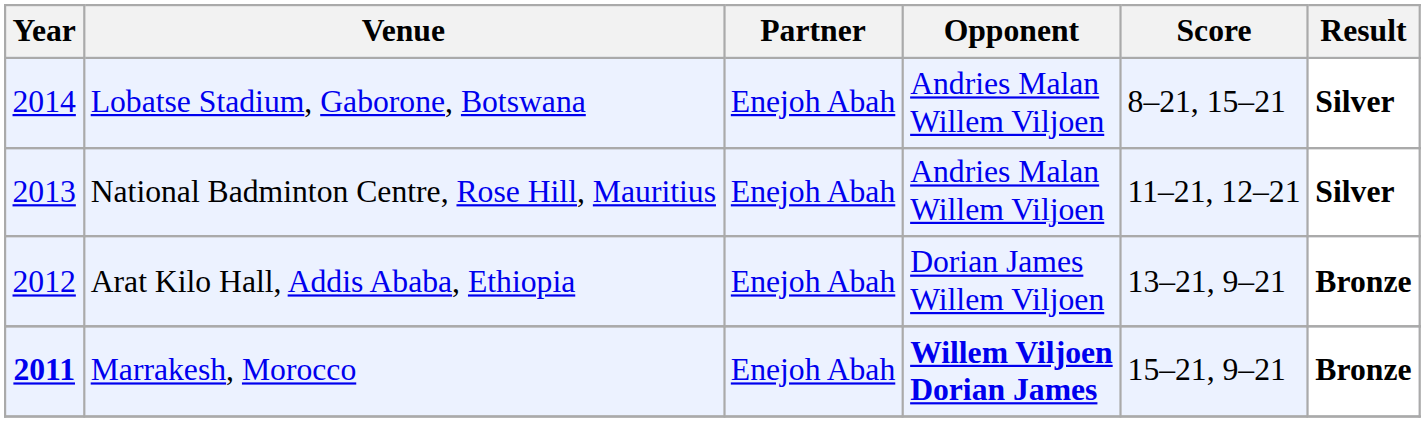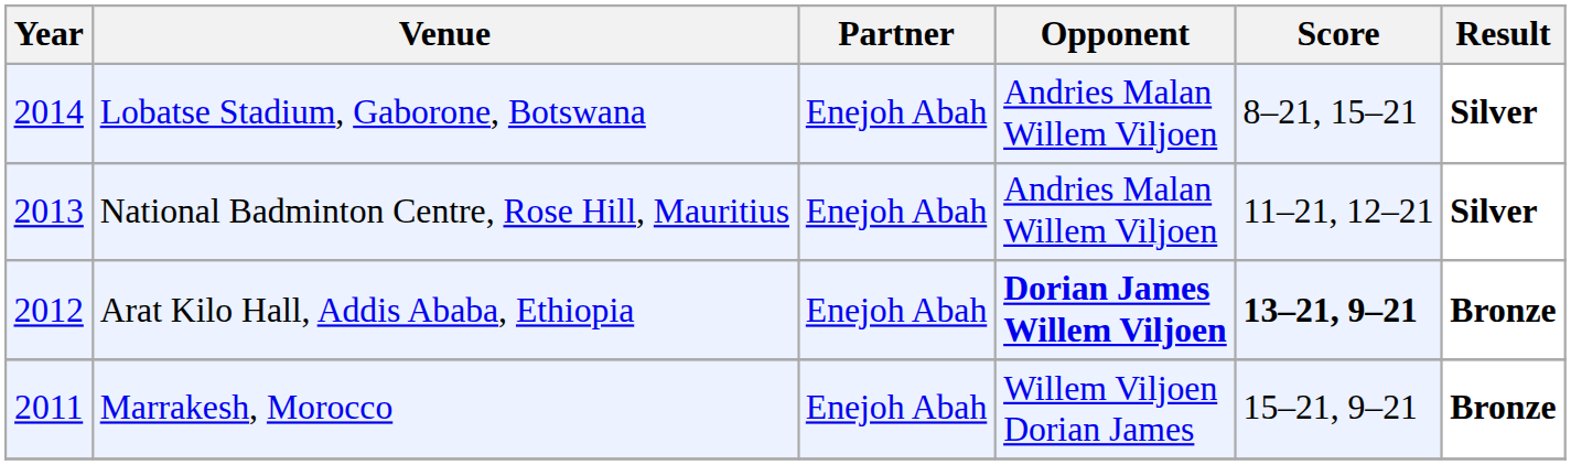 <table class="sortable wikitable" style="font-size: 90%;">
 <tr>
 <th>Year</th>
 <th>Venue</th>
 <th>Partner</th>
 <th>Opponent</th>
 <th>Score</th>
 <th>Result</th>
 </tr>
 <tr style="background:#ECF2FF">
 <td align="center"><a href='#'>2014</a></td>
 <td align="left"><a href='#'>Lobatse Stadium</a>, <a href='#'>Gaborone</a>, <a href='#'>Botswana</a></td>
 <td align="left"> <a href='#'>Enejoh Abah</a></td>
 <td align="left"> <a href='#'>Andries Malan</a><br> <a href='#'>Willem Viljoen</a></td>
 <td align="left">8–21, 15–21</td>
 <td style="text-align:left; background:white"> <strong>Silver</strong></td>
 </tr>
 <tr>
 </tr>
 <tr style="background:#ECF2FF">
 <td align="center"><a href='#'>2013</a></td>
 <td align="left">National Badminton Centre, <a href='#'>Rose Hill</a>, <a href='#'>Mauritius</a></td>
 <td align="left"> <a href='#'>Enejoh Abah</a></td>
 <td align="left"> <a href='#'>Andries Malan</a><br> <a href='#'>Willem Viljoen</a></td>
 <td align="left">11–21, 12–21</td>
 <td style="text-align:left; background:white"> <strong>Silver</strong></td>
 </tr>
 <tr>
 </tr>
 <tr style="background:#ECF2FF">
 <td align="center"><a href='#'>2012</a></td>
 <td align="left">Arat Kilo Hall, <a href='#'>Addis Ababa</a>, <a href='#'>Ethiopia</a></td>
 <td align="left"> <a href='#'>Enejoh Abah</a></td>
-<td align="left"> <a href='#'>Dorian James</a><br> <a href='#'>Willem Viljoen</a></td>
-<td align="left">13–21, 9–21</td>
+<td align="left"><strong> <a href='#'>Dorian James</a><br> <a href='#'>Willem Viljoen</a></strong></td>
+<td align="left"><strong>13–21, 9–21</strong></td>
 <td style="text-align:left; background:white"> <strong>Bronze</strong></td>
 </tr>
 <tr>
 </tr>
 <tr style="background:#ECF2FF">
-<td align="center"><strong><a href='#'>2011</a></strong></td>
+<td align="center"><a href='#'>2011</a></td>
 <td align="left"><a href='#'>Marrakesh</a>, <a href='#'>Morocco</a></td>
 <td align="left"> <a href='#'>Enejoh Abah</a></td>
-<td align="left"><strong> <a href='#'>Willem Viljoen</a><br> <a href='#'>Dorian James</a></strong></td>
+<td align="left"> <a href='#'>Willem Viljoen</a><br> <a href='#'>Dorian James</a></td>
 <td align="left">15–21, 9–21</td>
 <td style="text-align:left; background:white"> <strong>Bronze</strong></td>
 </tr>
 <tr>
 </tr>
 </table>
